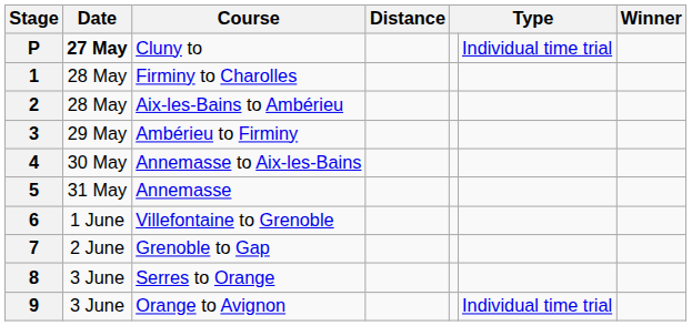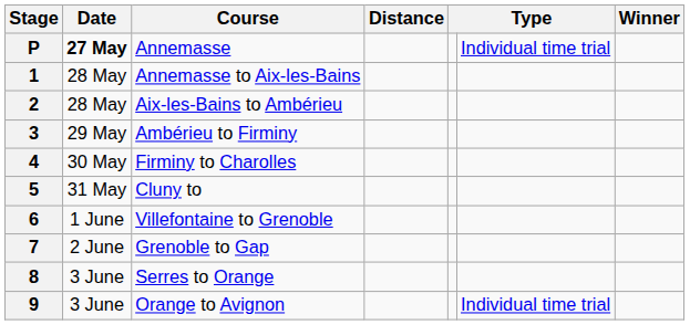 <table class="wikitable">
 <tr>
 <th>Stage</th>
 <th>Date</th>
 <th>Course</th>
 <th>Distance</th>
 <th scope="col" colspan="2">Type</th>
 <th>Winner</th>
 </tr>
 <tr>
 <th scope="row" style="text-align:center;">P</th>
 <td style="text-align:center;"><strong>27 May</strong></td>
-<td><a href='#'>Cluny</a> to </td>
+<td><a href='#'>Annemasse</a></td>
 <td style="text-align:center;"></td>
 <td></td>
 <td><a href='#'>Individual time trial</a></td>
 <td></td>
 </tr>
 <tr>
 <th scope="row" style="text-align:center;">1</th>
 <td style="text-align:center;">28 May</td>
-<td><a href='#'>Firminy</a> to <a href='#'>Charolles</a></td>
+<td><a href='#'>Annemasse</a> to <a href='#'>Aix-les-Bains</a></td>
 <td style="text-align:center;"></td>
 <td></td>
 <td></td>
 <td></td>
 </tr>
 <tr>
 <th scope="row" style="text-align:center;">2</th>
 <td style="text-align:center;">28 May</td>
 <td><a href='#'>Aix-les-Bains</a> to <a href='#'>Ambérieu</a></td>
 <td style="text-align:center;"></td>
 <td></td>
 <td></td>
 <td></td>
 </tr>
 <tr>
 <th scope="row" style="text-align:center;">3</th>
 <td style="text-align:center;">29 May</td>
 <td><a href='#'>Ambérieu</a> to <a href='#'>Firminy</a></td>
 <td style="text-align:center;"></td>
 <td></td>
 <td></td>
 <td></td>
 </tr>
 <tr>
 <th scope="row" style="text-align:center;">4</th>
 <td style="text-align:center;">30 May</td>
-<td><a href='#'>Annemasse</a> to <a href='#'>Aix-les-Bains</a></td>
+<td><a href='#'>Firminy</a> to <a href='#'>Charolles</a></td>
 <td style="text-align:center;"></td>
 <td></td>
 <td></td>
 <td></td>
 </tr>
 <tr>
 <th scope="row" style="text-align:center;">5</th>
 <td style="text-align:center;">31 May</td>
-<td><a href='#'>Annemasse</a></td>
+<td><a href='#'>Cluny</a> to </td>
 <td style="text-align:center;"></td>
 <td></td>
 <td></td>
 <td></td>
 </tr>
 <tr>
 <th scope="row" style="text-align:center;">6</th>
 <td style="text-align:center;">1 June</td>
 <td><a href='#'>Villefontaine</a> to <a href='#'>Grenoble</a></td>
 <td style="text-align:center;"></td>
 <td></td>
 <td></td>
 <td></td>
 </tr>
 <tr>
 <th scope="row" style="text-align:center;">7</th>
 <td style="text-align:center;">2 June</td>
 <td><a href='#'>Grenoble</a> to <a href='#'>Gap</a></td>
 <td style="text-align:center;"></td>
 <td></td>
 <td></td>
 <td></td>
 </tr>
 <tr>
 <th scope="row" style="text-align:center;">8</th>
 <td style="text-align:center;">3 June</td>
 <td><a href='#'>Serres</a> to <a href='#'>Orange</a></td>
 <td style="text-align:center;"></td>
 <td></td>
 <td></td>
 <td></td>
 </tr>
 <tr>
 <th scope="row" style="text-align:center;">9</th>
 <td style="text-align:center;">3 June</td>
 <td><a href='#'>Orange</a> to <a href='#'>Avignon</a></td>
 <td style="text-align:center;"></td>
 <td></td>
 <td><a href='#'>Individual time trial</a></td>
 <td></td>
 </tr>
 </table>
